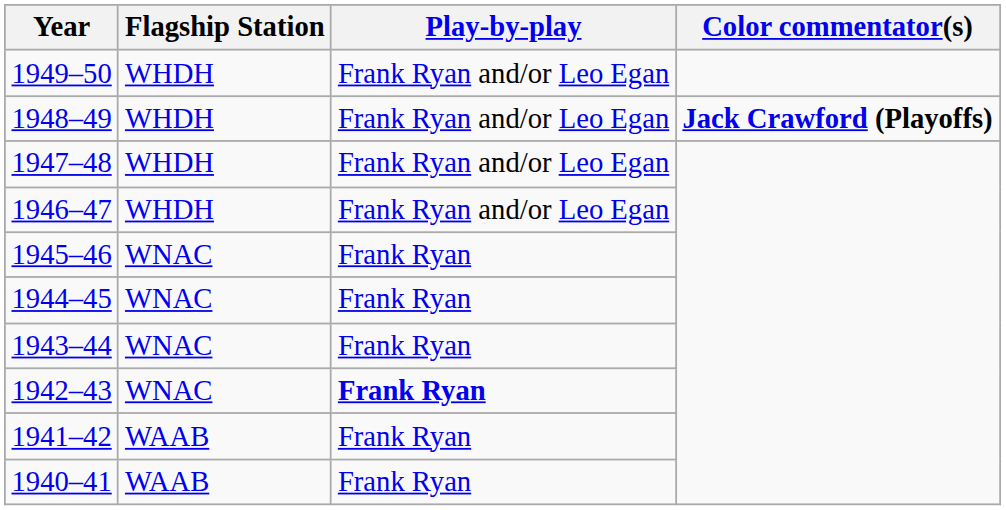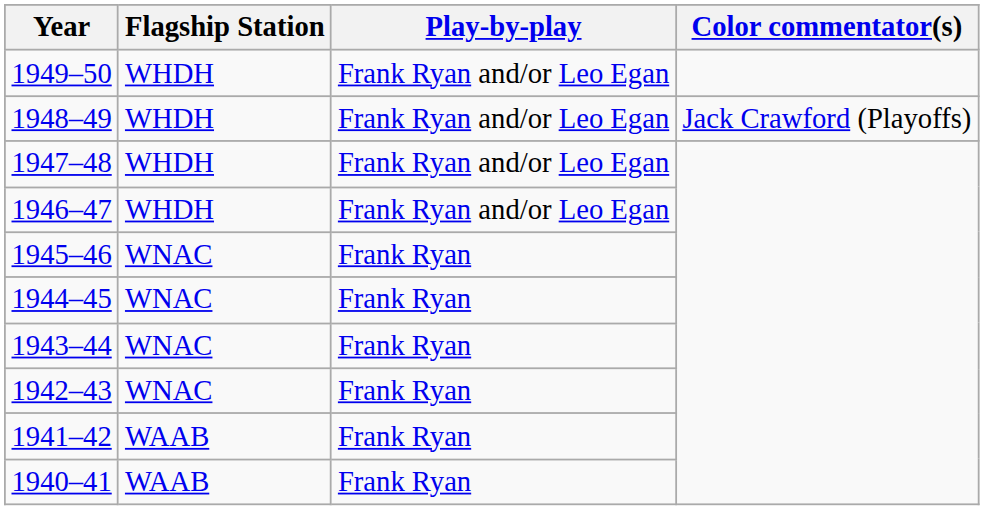 <table class="wikitable">
 <tr>
 <th>Year</th>
 <th>Flagship Station</th>
 <th><a href='#'>Play-by-play</a></th>
 <th><a href='#'>Color commentator</a>(s)</th>
 </tr>
 <tr>
 <td><a href='#'>1949–50</a></td>
 <td><a href='#'>WHDH</a></td>
 <td><a href='#'>Frank Ryan</a> and/or <a href='#'>Leo Egan</a></td>
 </tr>
 <tr>
 <td><a href='#'>1948–49</a></td>
 <td><a href='#'>WHDH</a></td>
 <td><a href='#'>Frank Ryan</a> and/or <a href='#'>Leo Egan</a></td>
-<td><strong><a href='#'>Jack Crawford</a> (Playoffs)</strong></td>
+<td><a href='#'>Jack Crawford</a> (Playoffs)</td>
 </tr>
 <tr>
 <td><a href='#'>1947–48</a></td>
 <td><a href='#'>WHDH</a></td>
 <td><a href='#'>Frank Ryan</a> and/or <a href='#'>Leo Egan</a></td>
 </tr>
 <tr>
 <td><a href='#'>1946–47</a></td>
 <td><a href='#'>WHDH</a></td>
 <td><a href='#'>Frank Ryan</a> and/or <a href='#'>Leo Egan</a></td>
 </tr>
 <tr>
 <td><a href='#'>1945–46</a></td>
 <td><a href='#'>WNAC</a></td>
 <td><a href='#'>Frank Ryan</a></td>
 </tr>
 <tr>
 <td><a href='#'>1944–45</a></td>
 <td><a href='#'>WNAC</a></td>
 <td><a href='#'>Frank Ryan</a></td>
 </tr>
 <tr>
 <td><a href='#'>1943–44</a></td>
 <td><a href='#'>WNAC</a></td>
 <td><a href='#'>Frank Ryan</a></td>
 </tr>
 <tr>
 <td><a href='#'>1942–43</a></td>
 <td><a href='#'>WNAC</a></td>
-<td><strong><a href='#'>Frank Ryan</a></strong></td>
+<td><a href='#'>Frank Ryan</a></td>
 </tr>
 <tr>
 <td><a href='#'>1941–42</a></td>
 <td><a href='#'>WAAB</a></td>
 <td><a href='#'>Frank Ryan</a></td>
 </tr>
 <tr>
 <td><a href='#'>1940–41</a></td>
 <td><a href='#'>WAAB</a></td>
 <td><a href='#'>Frank Ryan</a></td>
 </tr>
 </table>
